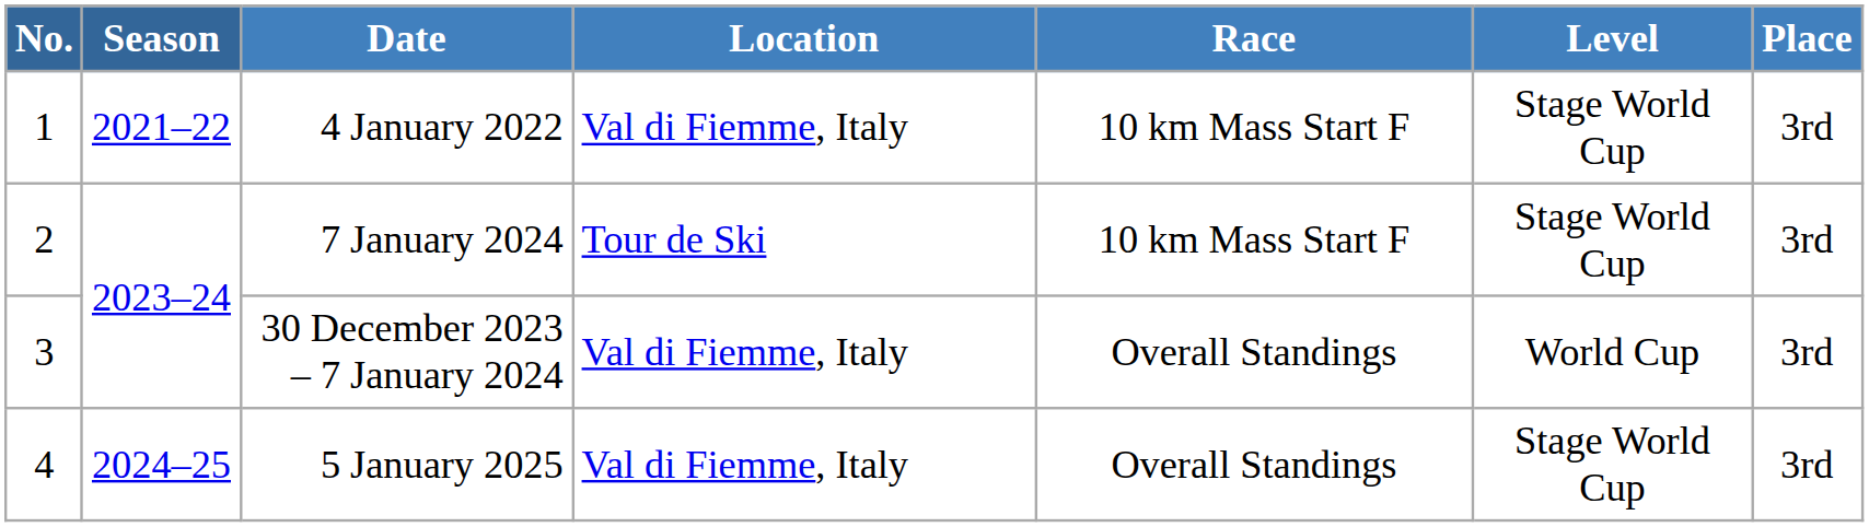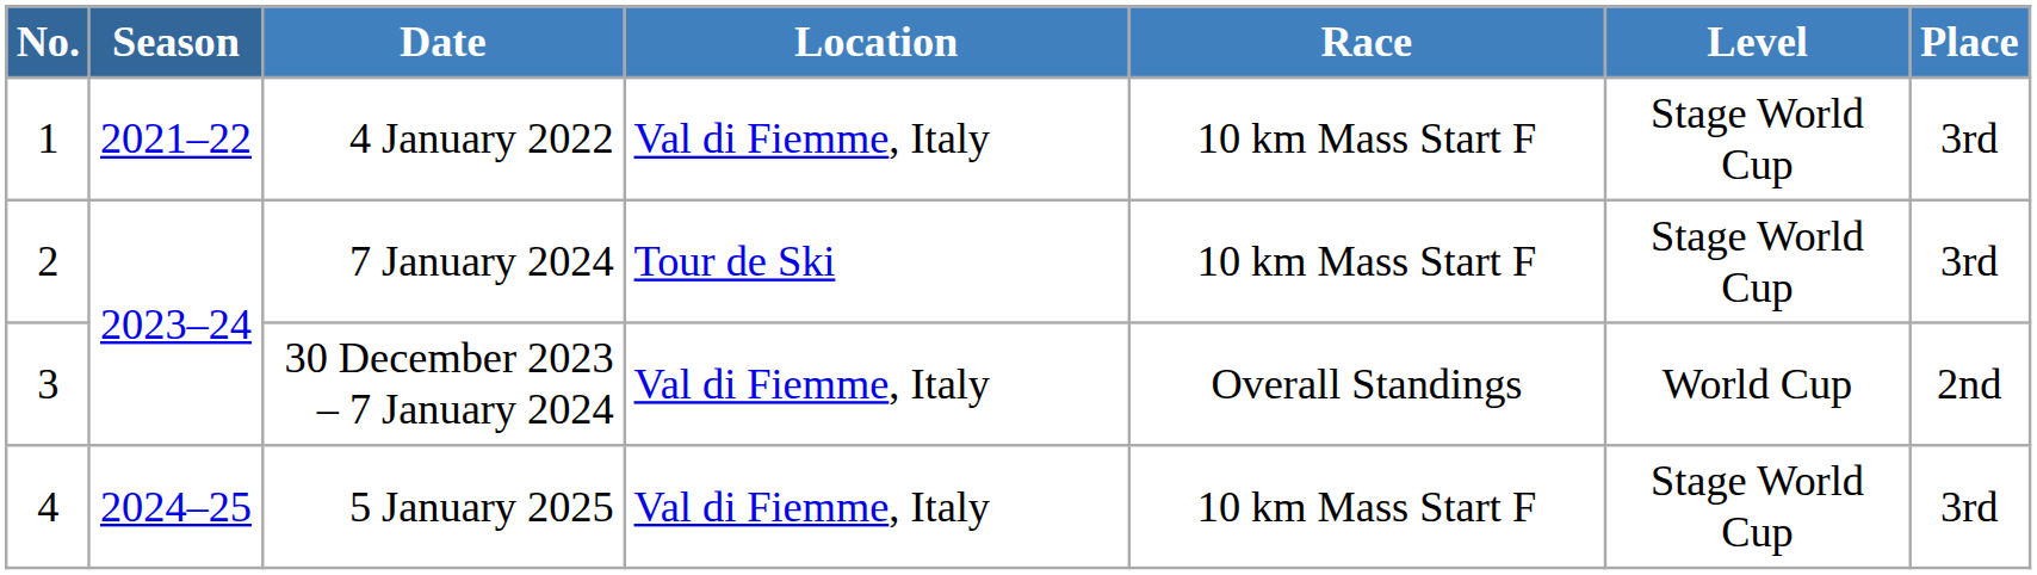 <table class="wikitable sortable" style="font-size:95%; text-align:center; border:grey solid 1px; border-collapse:collapse; background:#ffffff;">
 <tr style="background:#efefef;">
 <th style="background-color:#369; color:white;">No.</th>
 <th style="background-color:#369; color:white;">Season</th>
 <th style="background-color:#4180be; color:white; width:120px;">Date</th>
 <th style="background-color:#4180be; color:white; width:170px;">Location</th>
 <th style="background-color:#4180be; color:white; width:160px;">Race</th>
 <th style="background-color:#4180be; color:white; width:100px;">Level</th>
 <th style="background-color:#4180be; color:white;">Place</th>
 </tr>
 <tr>
 <td align=center>1</td>
 <td align=center><a href='#'>2021–22</a></td>
 <td align=right>4 January 2022</td>
 <td align=left> <a href='#'>Val di Fiemme</a>, Italy</td>
 <td>10 km Mass Start F</td>
 <td>Stage World Cup</td>
 <td>3rd</td>
 </tr>
 <tr>
 <td align=center>2</td>
 <td rowspan=2 align=center><a href='#'>2023–24</a></td>
 <td align=right>7 January 2024</td>
 <td align=left> <a href='#'>Tour de Ski</a></td>
 <td>10 km Mass Start F</td>
 <td>Stage World Cup</td>
 <td>3rd</td>
 </tr>
 <tr>
 <td align=center>3</td>
 <td align=right>30 December 2023<br>– 7 January 2024</td>
 <td align=left> <a href='#'>Val di Fiemme</a>, Italy</td>
 <td>Overall Standings</td>
 <td>World Cup</td>
-<td>3rd</td>
+<td>2nd</td>
 </tr>
 <tr>
 <td align=center>4</td>
 <td align=center><a href='#'>2024–25</a></td>
 <td align=right>5 January 2025</td>
 <td align=left> <a href='#'>Val di Fiemme</a>, Italy</td>
-<td>Overall Standings</td>
+<td>10 km Mass Start F</td>
 <td>Stage World Cup</td>
 <td>3rd</td>
 </tr>
 </table>
